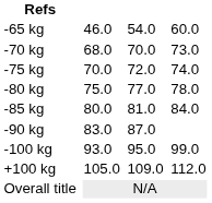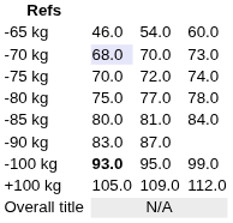 <table>
 <tr>
 <th>Refs</th>
 </tr>
 <tr>
 <td>-65 kg</td>
 <td></td>
 <td>46.0</td>
 <td></td>
 <td>54.0</td>
 <td></td>
 <td>60.0</td>
 <td align=center></td>
 </tr>
 <tr>
 <td>-70 kg</td>
 <td></td>
-<td>68.0</td>
+<td style="background: lavender;">68.0</td>
 <td></td>
 <td>70.0</td>
 <td></td>
 <td>73.0</td>
 <td align=center></td>
 </tr>
 <tr>
 <td>-75 kg</td>
 <td></td>
 <td>70.0</td>
 <td></td>
 <td>72.0</td>
 <td></td>
 <td>74.0</td>
 <td align=center></td>
 </tr>
 <tr>
 <td>-80 kg</td>
 <td></td>
 <td>75.0</td>
 <td></td>
 <td>77.0</td>
 <td></td>
 <td>78.0</td>
 <td align=center></td>
 </tr>
 <tr>
 <td>-85 kg</td>
 <td></td>
 <td>80.0</td>
 <td></td>
 <td>81.0</td>
 <td></td>
 <td>84.0</td>
 <td align=center></td>
 </tr>
 <tr>
 <td>-90 kg</td>
 <td></td>
 <td>83.0 </td>
 <td></td>
 <td>87.0</td>
 <td></td>
 <td></td>
 <td align=center></td>
 </tr>
 <tr>
 <td>-100 kg</td>
 <td></td>
-<td>93.0</td>
+<td><strong>93.0</strong></td>
 <td></td>
 <td>95.0</td>
 <td></td>
 <td>99.0</td>
 <td align=center></td>
 </tr>
 <tr>
 <td>+100 kg</td>
 <td></td>
 <td>105.0</td>
 <td></td>
 <td>109.0</td>
 <td></td>
 <td>112.0</td>
 <td align=center></td>
 </tr>
 <tr>
 <td>Overall title</td>
 <td></td>
 <td colspan=5 align=center style="background-color:#ececec;">N/A</td>
 <td align=center></td>
 </tr>
 </table>
